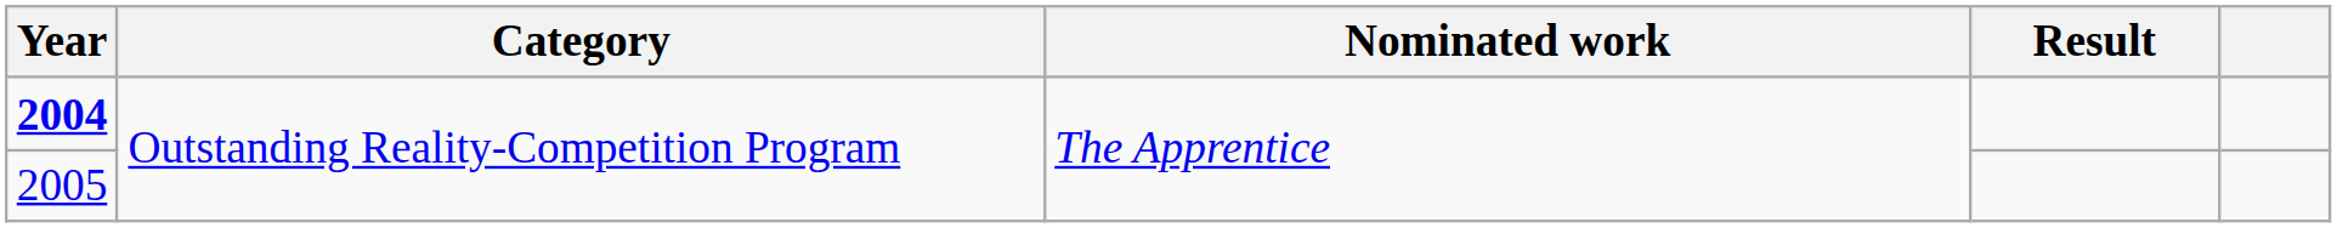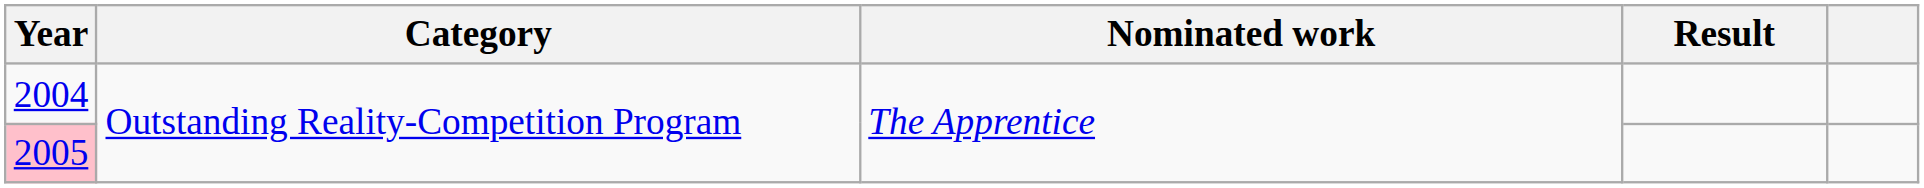 <table class="wikitable sortable">
 <tr>
 <th scope="col" style="width:1em;">Year</th>
 <th scope="col" style="width:20em;">Category</th>
 <th scope="col" style="width:20em;">Nominated work</th>
 <th scope="col" style="width:5em;">Result</th>
 <th scope="col" style="width:2em;" class="unsortable"></th>
 </tr>
 <tr>
-<td><strong><a href='#'>2004</a></strong></td>
+<td><a href='#'>2004</a></td>
 <td rowspan="2"><a href='#'>Outstanding Reality-Competition Program</a></td>
 <td rowspan="2"><em><a href='#'>The Apprentice</a></em></td>
 <td></td>
 <td></td>
 </tr>
 <tr>
-<td><a href='#'>2005</a></td>
+<td style="background: pink;"><a href='#'>2005</a></td>
 <td></td>
 <td></td>
 </tr>
 </table>
